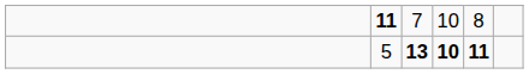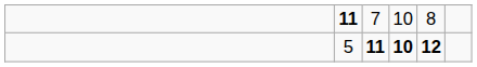 <table class="wikitable">
 <tr>
 <td style="width:18em"></td>
 <td align=center style="width:1em"><strong>11</strong></td>
 <td align=center style="width:1em">7</td>
 <td align=center style="width:1em">10</td>
 <td align=center style="width:1em">8</td>
 <td align=center style="width:1em"></td>
 </tr>
 <tr>
 <td style="width:18em"></td>
 <td align=center style="width:1em">5</td>
-<td align=center style="width:1em"><strong>13</strong></td>
+<td align=center style="width:1em"><strong>11</strong></td>
 <td align=center style="width:1em"><strong>10</strong></td>
-<td align=center style="width:1em"><strong>11</strong></td>
+<td align=center style="width:1em"><strong>12</strong></td>
 <td align=center style="width:1em"></td>
 </tr>
 </table>
